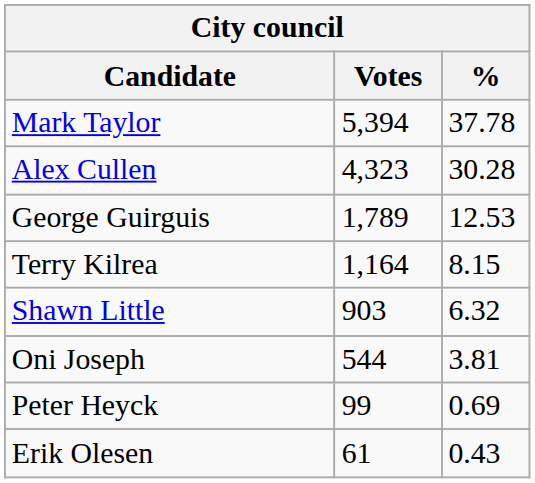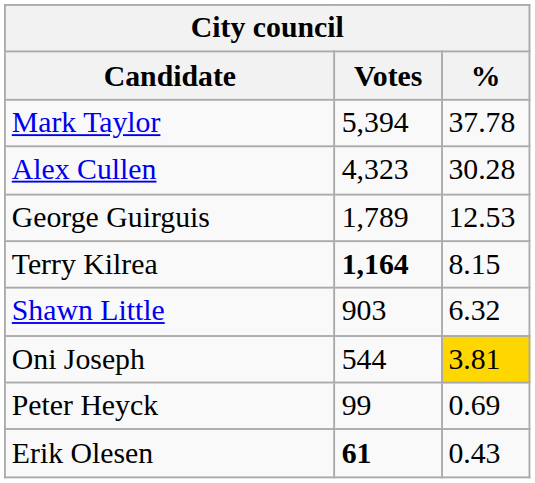 <table class="wikitable">
 <tr>
 <th colspan="3">City council</th>
 </tr>
 <tr>
 <th style="width: 170px">Candidate</th>
 <th style="width: 50px">Votes</th>
 <th style="width: 40px">%</th>
 </tr>
 <tr>
 <td><a href='#'>Mark Taylor</a></td>
 <td>5,394</td>
 <td>37.78</td>
 </tr>
 <tr>
 <td><a href='#'>Alex Cullen</a></td>
 <td>4,323</td>
 <td>30.28</td>
 </tr>
 <tr>
 <td>George Guirguis</td>
 <td>1,789</td>
 <td>12.53</td>
 </tr>
 <tr>
 <td>Terry Kilrea</td>
-<td>1,164</td>
+<td><strong>1,164</strong></td>
 <td>8.15</td>
 </tr>
 <tr>
 <td><a href='#'>Shawn Little</a></td>
 <td>903</td>
 <td>6.32</td>
 </tr>
 <tr>
 <td>Oni Joseph</td>
 <td>544</td>
-<td>3.81</td>
+<td style="background: gold;">3.81</td>
 </tr>
 <tr>
 <td>Peter Heyck</td>
 <td>99</td>
 <td>0.69</td>
 </tr>
 <tr>
 <td>Erik Olesen</td>
-<td>61</td>
+<td><strong>61</strong></td>
 <td>0.43</td>
 </tr>
 </table>
